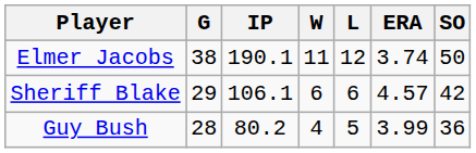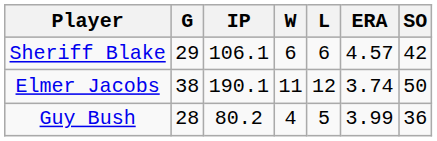 <table class="wikitable sortable" style="text-align:center;">
 <tr>
 <th>Player</th>
 <th>G</th>
 <th>IP</th>
 <th>W</th>
 <th>L</th>
 <th>ERA</th>
 <th>SO</th>
 </tr>
 <tr>
+<td><a href='#'>Sheriff Blake</a></td>
+<td>29</td>
+<td>106.1</td>
+<td>6</td>
+<td>6</td>
+<td>4.57</td>
+<td>42</td>
+</tr>
+<tr>
 <td><a href='#'>Elmer Jacobs</a></td>
 <td>38</td>
 <td>190.1</td>
 <td>11</td>
 <td>12</td>
 <td>3.74</td>
 <td>50</td>
-</tr>
-<tr>
-<td><a href='#'>Sheriff Blake</a></td>
-<td>29</td>
-<td>106.1</td>
-<td>6</td>
-<td>6</td>
-<td>4.57</td>
-<td>42</td>
 </tr>
 <tr>
 <td><a href='#'>Guy Bush</a></td>
 <td>28</td>
 <td>80.2</td>
 <td>4</td>
 <td>5</td>
 <td>3.99</td>
 <td>36</td>
 </tr>
 </table>
